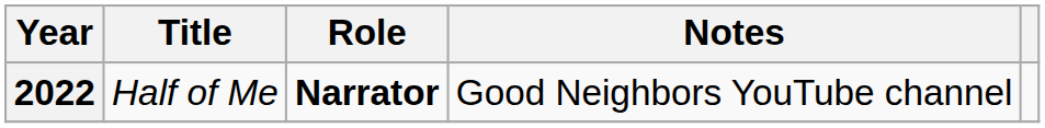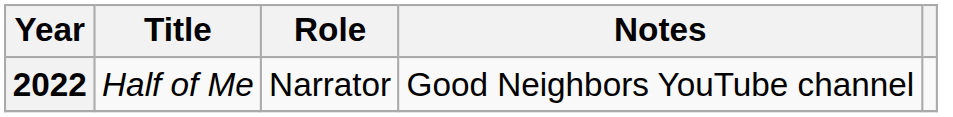 <table class="wikitable plainrowheaders">
 <tr>
 <th scope="col">Year</th>
 <th scope="col">Title</th>
 <th scope="col">Role</th>
 <th scope="col">Notes</th>
 <th scope="col" class="unsortable"></th>
 </tr>
 <tr>
 <th scope="row">2022</th>
 <td><em>Half of Me</em></td>
-<td><strong>Narrator</strong></td>
+<td>Narrator</td>
 <td>Good Neighbors YouTube channel</td>
 <td></td>
 </tr>
 <tr>
 </tr>
 </table>
